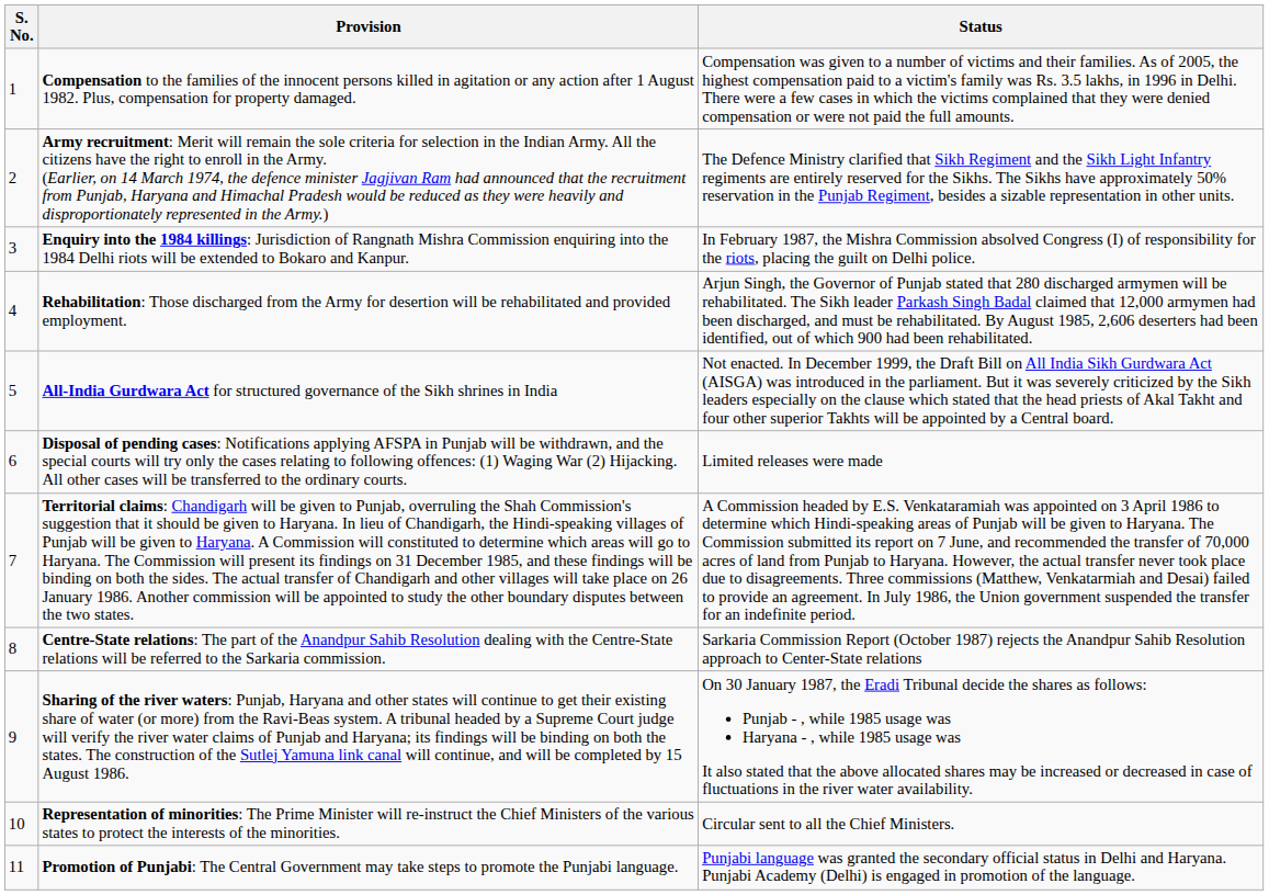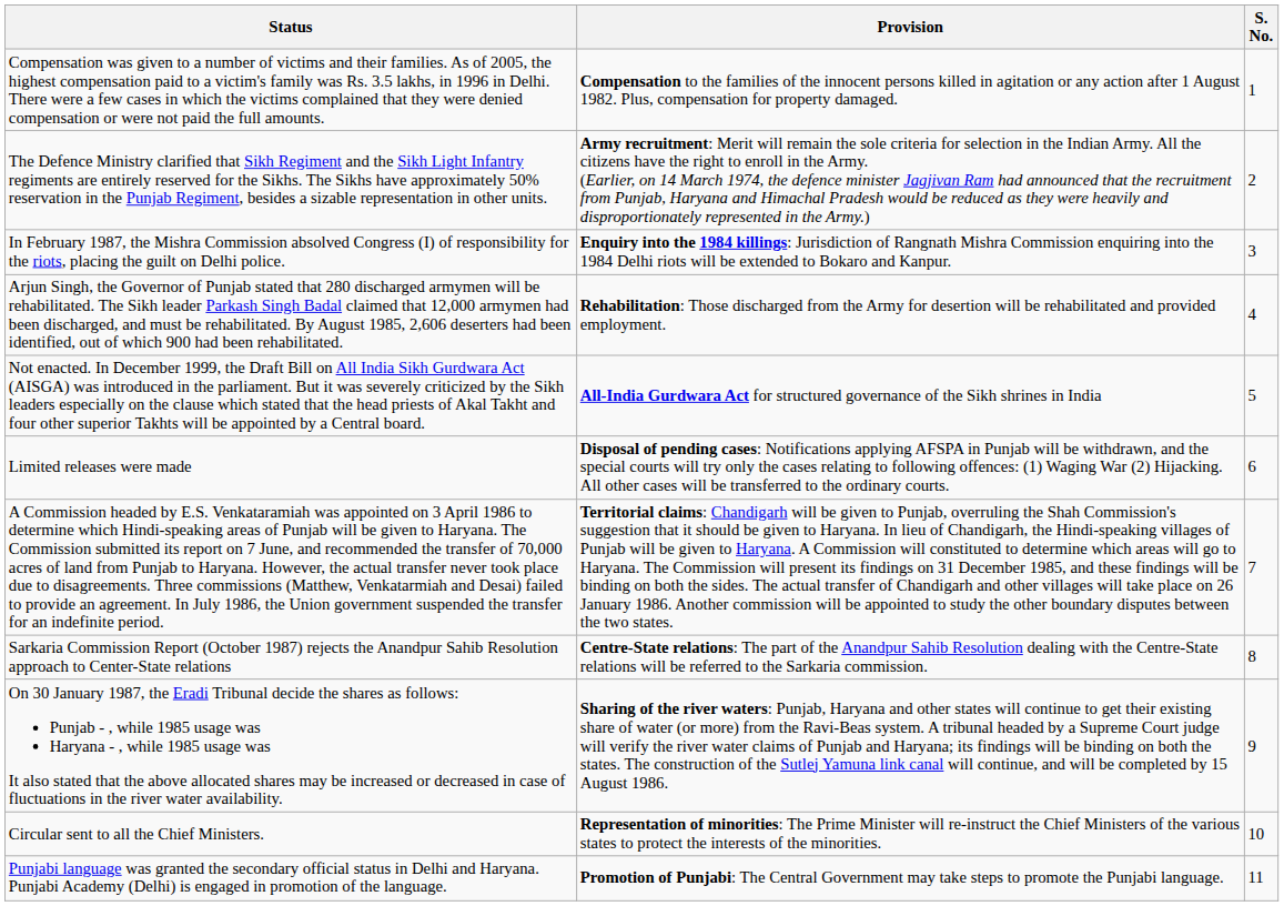 <table class="wikitable">
 <tr>
+<th>Status</th>
+<th>Provision</th>
 <th>S. No.</th>
-<th>Provision</th>
-<th>Status</th>
 </tr>
 <tr>
+<td>Compensation was given to a number of victims and their families. As of 2005, the highest compensation paid to a victim's family was Rs. 3.5 lakhs, in 1996 in Delhi. There were a few cases in which the victims complained that they were denied compensation or were not paid the full amounts.</td>
+<td><strong>Compensation</strong> to the families of the innocent persons killed in agitation or any action after 1 August 1982. Plus, compensation for property damaged.</td>
 <td>1</td>
-<td><strong>Compensation</strong> to the families of the innocent persons killed in agitation or any action after 1 August 1982. Plus, compensation for property damaged.</td>
-<td>Compensation was given to a number of victims and their families. As of 2005, the highest compensation paid to a victim's family was Rs. 3.5 lakhs, in 1996 in Delhi. There were a few cases in which the victims complained that they were denied compensation or were not paid the full amounts.</td>
 </tr>
 <tr>
+<td>The Defence Ministry clarified that <a href='#'>Sikh Regiment</a> and the <a href='#'>Sikh Light Infantry</a> regiments are entirely reserved for the Sikhs. The Sikhs have approximately 50% reservation in the <a href='#'>Punjab Regiment</a>, besides a sizable representation in other units.</td>
+<td><strong>Army recruitment</strong>: Merit will remain the sole criteria for selection in the Indian Army. All the citizens have the right to enroll in the Army.<br>(<em>Earlier, on 14 March 1974, the defence minister <a href='#'>Jagjivan Ram</a> had announced that the recruitment from Punjab, Haryana and Himachal Pradesh would be reduced as they were heavily and disproportionately represented in the Army.</em>)</td>
 <td>2</td>
-<td><strong>Army recruitment</strong>: Merit will remain the sole criteria for selection in the Indian Army. All the citizens have the right to enroll in the Army.<br>(<em>Earlier, on 14 March 1974, the defence minister <a href='#'>Jagjivan Ram</a> had announced that the recruitment from Punjab, Haryana and Himachal Pradesh would be reduced as they were heavily and disproportionately represented in the Army.</em>)</td>
-<td>The Defence Ministry clarified that <a href='#'>Sikh Regiment</a> and the <a href='#'>Sikh Light Infantry</a> regiments are entirely reserved for the Sikhs. The Sikhs have approximately 50% reservation in the <a href='#'>Punjab Regiment</a>, besides a sizable representation in other units.</td>
 </tr>
 <tr>
+<td>In February 1987, the Mishra Commission absolved Congress (I) of responsibility for the <a href='#'>riots</a>, placing the guilt on Delhi police.</td>
+<td><strong>Enquiry into the <a href='#'>1984 killings</a></strong>: Jurisdiction of Rangnath Mishra Commission enquiring into the 1984 Delhi riots will be extended to Bokaro and Kanpur.</td>
 <td>3</td>
-<td><strong>Enquiry into the <a href='#'>1984 killings</a></strong>: Jurisdiction of Rangnath Mishra Commission enquiring into the 1984 Delhi riots will be extended to Bokaro and Kanpur.</td>
-<td>In February 1987, the Mishra Commission absolved Congress (I) of responsibility for the <a href='#'>riots</a>, placing the guilt on Delhi police.</td>
 </tr>
 <tr>
+<td>Arjun Singh, the Governor of Punjab stated that 280 discharged armymen will be rehabilitated. The Sikh leader <a href='#'>Parkash Singh Badal</a> claimed that 12,000 armymen had been discharged, and must be rehabilitated. By August 1985, 2,606 deserters had been identified, out of which 900 had been rehabilitated.</td>
+<td><strong>Rehabilitation</strong>: Those discharged from the Army for desertion will be rehabilitated and provided employment.</td>
 <td>4</td>
-<td><strong>Rehabilitation</strong>: Those discharged from the Army for desertion will be rehabilitated and provided employment.</td>
-<td>Arjun Singh, the Governor of Punjab stated that 280 discharged armymen will be rehabilitated. The Sikh leader <a href='#'>Parkash Singh Badal</a> claimed that 12,000 armymen had been discharged, and must be rehabilitated. By August 1985, 2,606 deserters had been identified, out of which 900 had been rehabilitated.</td>
 </tr>
 <tr>
+<td>Not enacted. In December 1999, the Draft Bill on <a href='#'>All India Sikh Gurdwara Act</a> (AISGA) was introduced in the parliament. But it was severely criticized by the Sikh leaders especially on the clause which stated that the head priests of Akal Takht and four other superior Takhts will be appointed by a Central board.</td>
+<td><strong><a href='#'>All-India Gurdwara Act</a></strong> for structured governance of the Sikh shrines in India</td>
 <td>5</td>
-<td><strong><a href='#'>All-India Gurdwara Act</a></strong> for structured governance of the Sikh shrines in India</td>
-<td>Not enacted. In December 1999, the Draft Bill on <a href='#'>All India Sikh Gurdwara Act</a> (AISGA) was introduced in the parliament. But it was severely criticized by the Sikh leaders especially on the clause which stated that the head priests of Akal Takht and four other superior Takhts will be appointed by a Central board.</td>
 </tr>
 <tr>
+<td>Limited releases were made</td>
+<td><strong>Disposal of pending cases</strong>: Notifications applying AFSPA in Punjab will be withdrawn, and the special courts will try only the cases relating to following offences: (1) Waging War (2) Hijacking. All other cases will be transferred to the ordinary courts.</td>
 <td>6</td>
-<td><strong>Disposal of pending cases</strong>: Notifications applying AFSPA in Punjab will be withdrawn, and the special courts will try only the cases relating to following offences: (1) Waging War (2) Hijacking. All other cases will be transferred to the ordinary courts.</td>
-<td>Limited releases were made</td>
 </tr>
 <tr>
+<td>A Commission headed by E.S. Venkataramiah was appointed on 3 April 1986 to determine which Hindi-speaking areas of Punjab will be given to Haryana. The Commission submitted its report on 7 June, and recommended the transfer of 70,000 acres of land from Punjab to Haryana. However, the actual transfer never took place due to disagreements. Three commissions (Matthew, Venkatarmiah and Desai) failed to provide an agreement. In July 1986, the Union government suspended the transfer for an indefinite period.</td>
+<td><strong>Territorial claims</strong>: <a href='#'>Chandigarh</a> will be given to Punjab, overruling the Shah Commission's suggestion that it should be given to Haryana. In lieu of Chandigarh, the Hindi-speaking villages of Punjab will be given to <a href='#'>Haryana</a>. A Commission will constituted to determine which areas will go to Haryana. The Commission will present its findings on 31 December 1985, and these findings will be binding on both the sides. The actual transfer of Chandigarh and other villages will take place on 26 January 1986. Another commission will be appointed to study the other boundary disputes between the two states.</td>
 <td>7</td>
-<td><strong>Territorial claims</strong>: <a href='#'>Chandigarh</a> will be given to Punjab, overruling the Shah Commission's suggestion that it should be given to Haryana. In lieu of Chandigarh, the Hindi-speaking villages of Punjab will be given to <a href='#'>Haryana</a>. A Commission will constituted to determine which areas will go to Haryana. The Commission will present its findings on 31 December 1985, and these findings will be binding on both the sides. The actual transfer of Chandigarh and other villages will take place on 26 January 1986. Another commission will be appointed to study the other boundary disputes between the two states.</td>
-<td>A Commission headed by E.S. Venkataramiah was appointed on 3 April 1986 to determine which Hindi-speaking areas of Punjab will be given to Haryana. The Commission submitted its report on 7 June, and recommended the transfer of 70,000 acres of land from Punjab to Haryana. However, the actual transfer never took place due to disagreements. Three commissions (Matthew, Venkatarmiah and Desai) failed to provide an agreement. In July 1986, the Union government suspended the transfer for an indefinite period.</td>
 </tr>
 <tr>
+<td>Sarkaria Commission Report (October 1987) rejects the Anandpur Sahib Resolution approach to Center-State relations</td>
+<td><strong>Centre-State relations</strong>: The part of the <a href='#'>Anandpur Sahib Resolution</a> dealing with the Centre-State relations will be referred to the Sarkaria commission.</td>
 <td>8</td>
-<td><strong>Centre-State relations</strong>: The part of the <a href='#'>Anandpur Sahib Resolution</a> dealing with the Centre-State relations will be referred to the Sarkaria commission.</td>
-<td>Sarkaria Commission Report (October 1987) rejects the Anandpur Sahib Resolution approach to Center-State relations</td>
 </tr>
 <tr>
+<td>On 30 January 1987, the <a href='#'>Eradi</a> Tribunal decide the shares as follows:<br><ul><li>Punjab - , while 1985 usage was </li><li>Haryana - , while 1985 usage was </li></ul>It also stated that the above allocated shares may be increased or decreased in case of fluctuations in the river water availability.</td>
+<td><strong>Sharing of the river waters</strong>: Punjab, Haryana and other states will continue to get their existing share of water (or more) from the Ravi-Beas system. A tribunal headed by a Supreme Court judge will verify the river water claims of Punjab and Haryana; its findings will be binding on both the states. The construction of the <a href='#'>Sutlej Yamuna link canal</a> will continue, and will be completed by 15 August 1986.</td>
 <td>9</td>
-<td><strong>Sharing of the river waters</strong>: Punjab, Haryana and other states will continue to get their existing share of water (or more) from the Ravi-Beas system. A tribunal headed by a Supreme Court judge will verify the river water claims of Punjab and Haryana; its findings will be binding on both the states. The construction of the <a href='#'>Sutlej Yamuna link canal</a> will continue, and will be completed by 15 August 1986.</td>
-<td>On 30 January 1987, the <a href='#'>Eradi</a> Tribunal decide the shares as follows:<br><ul><li>Punjab - , while 1985 usage was </li><li>Haryana - , while 1985 usage was </li></ul>It also stated that the above allocated shares may be increased or decreased in case of fluctuations in the river water availability.</td>
 </tr>
 <tr>
+<td>Circular sent to all the Chief Ministers.</td>
+<td><strong>Representation of minorities</strong>: The Prime Minister will re-instruct the Chief Ministers of the various states to protect the interests of the minorities.</td>
 <td>10</td>
-<td><strong>Representation of minorities</strong>: The Prime Minister will re-instruct the Chief Ministers of the various states to protect the interests of the minorities.</td>
-<td>Circular sent to all the Chief Ministers.</td>
 </tr>
 <tr>
+<td><a href='#'>Punjabi language</a> was granted the secondary official status in Delhi and Haryana. Punjabi Academy (Delhi) is engaged in promotion of the language.</td>
+<td><strong>Promotion of Punjabi</strong>: The Central Government may take steps to promote the Punjabi language.</td>
 <td>11</td>
-<td><strong>Promotion of Punjabi</strong>: The Central Government may take steps to promote the Punjabi language.</td>
-<td><a href='#'>Punjabi language</a> was granted the secondary official status in Delhi and Haryana. Punjabi Academy (Delhi) is engaged in promotion of the language.</td>
 </tr>
 </table>
